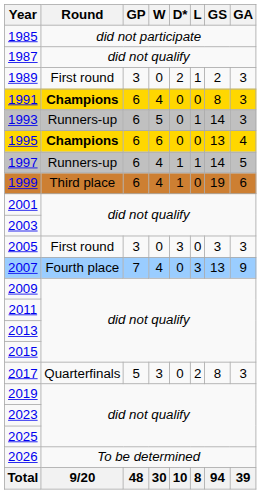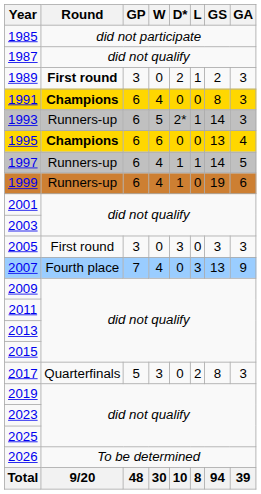 <table class="wikitable" style="text-align: center;">
 <tr>
 <th>Year</th>
 <th>Round</th>
 <th>GP</th>
 <th>W</th>
 <th>D*</th>
 <th>L</th>
 <th>GS</th>
 <th>GA</th>
 </tr>
 <tr>
 <td> <a href='#'>1985</a></td>
 <td colspan=7><em>did not participate</em></td>
 </tr>
 <tr>
 <td> <a href='#'>1987</a></td>
 <td colspan=7><em>did not qualify</em></td>
 </tr>
 <tr>
 <td> <a href='#'>1989</a></td>
-<td>First round</td>
+<td><strong>First round</strong></td>
 <td>3</td>
 <td>0</td>
 <td>2</td>
 <td>1</td>
 <td>2</td>
 <td>3</td>
 </tr>
 <tr style="background:gold;">
 <td> <a href='#'>1991</a></td>
 <td><strong>Champions</strong></td>
 <td>6</td>
 <td>4</td>
 <td>0</td>
 <td>0</td>
 <td>8</td>
 <td>3</td>
 </tr>
 <tr style="background:silver;">
 <td> <a href='#'>1993</a></td>
 <td>Runners-up</td>
 <td>6</td>
 <td>5</td>
-<td>0</td>
+<td>2*</td>
 <td>1</td>
 <td>14</td>
 <td>3</td>
 </tr>
 <tr style="background:gold;">
 <td> <a href='#'>1995</a></td>
 <td><strong>Champions</strong></td>
 <td>6</td>
 <td>6</td>
 <td>0</td>
 <td>0</td>
 <td>13</td>
 <td>4</td>
 </tr>
 <tr style="background:silver;">
 <td> <a href='#'>1997</a></td>
 <td>Runners-up</td>
 <td>6</td>
 <td>4</td>
 <td>1</td>
 <td>1</td>
 <td>14</td>
 <td>5</td>
 </tr>
 <tr style="background:#cd7f32;">
 <td> <a href='#'>1999</a></td>
-<td>Third place</td>
+<td>Runners-up</td>
 <td>6</td>
 <td>4</td>
 <td>1</td>
 <td>0</td>
 <td>19</td>
 <td>6</td>
 </tr>
 <tr>
 <td> <a href='#'>2001</a></td>
 <td colspan=7 rowspan=2><em>did not qualify</em></td>
 </tr>
 <tr>
 <td> <a href='#'>2003</a></td>
 </tr>
 <tr>
 <td> <a href='#'>2005</a></td>
 <td>First round</td>
 <td>3</td>
 <td>0</td>
 <td>3</td>
 <td>0</td>
 <td>3</td>
 <td>3</td>
 </tr>
 <tr style="background:#9acdff">
 <td> <a href='#'>2007</a></td>
 <td>Fourth place</td>
 <td>7</td>
 <td>4</td>
 <td>0</td>
 <td>3</td>
 <td>13</td>
 <td>9</td>
 </tr>
 <tr>
 <td> <a href='#'>2009</a></td>
 <td colspan=7 rowspan=4><em>did not qualify</em></td>
 </tr>
 <tr>
 <td> <a href='#'>2011</a></td>
 </tr>
 <tr>
 <td> <a href='#'>2013</a></td>
 </tr>
 <tr>
 <td> <a href='#'>2015</a></td>
 </tr>
 <tr>
 <td> <a href='#'>2017</a></td>
 <td>Quarterfinals</td>
 <td>5</td>
 <td>3</td>
 <td>0</td>
 <td>2</td>
 <td>8</td>
 <td>3</td>
 </tr>
 <tr>
 <td> <a href='#'>2019</a></td>
 <td colspan=7 rowspan=3><em>did not qualify</em></td>
 </tr>
 <tr>
 <td> <a href='#'>2023</a></td>
 </tr>
 <tr>
 <td> <a href='#'>2025</a></td>
 </tr>
 <tr>
 <td> <a href='#'>2026</a></td>
 <td colspan=7><em>To be determined</em></td>
 </tr>
 <tr>
 <th>Total</th>
 <th>9/20</th>
 <th>48</th>
 <th>30</th>
 <th>10</th>
 <th>8</th>
 <th>94</th>
 <th>39</th>
 </tr>
 </table>
